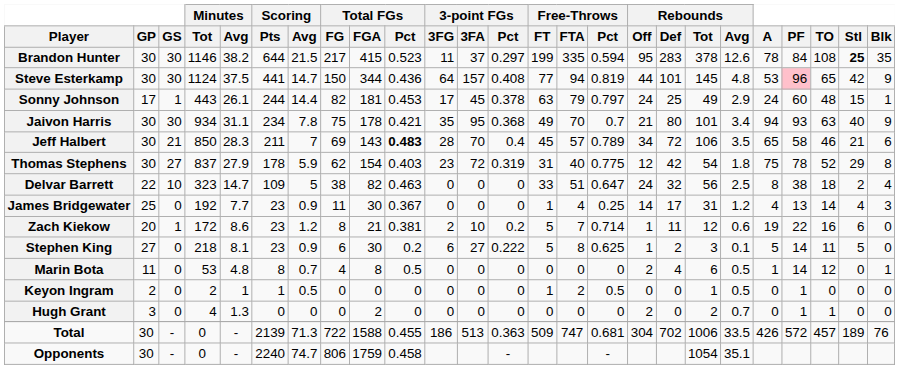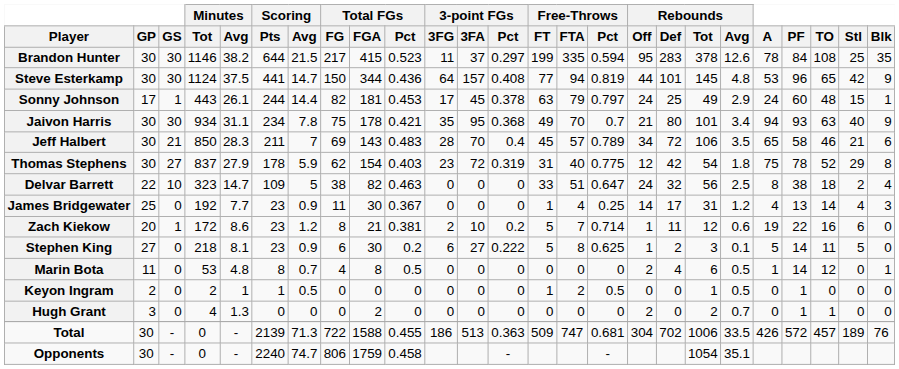 <table class="wikitable sortable" border="1" style="font-size:90%;">
 <tr>
 <th colspan="3" style="border-top-style:hidden; border-left-style:hidden; background: white;"></th>
 <th colspan="2" style=>Minutes</th>
 <th colspan="2" style=>Scoring</th>
 <th colspan="3" style=>Total FGs</th>
 <th colspan="3" style=>3-point FGs</th>
 <th colspan="3" style=>Free-Throws</th>
 <th colspan="4" style=>Rebounds</th>
 <th colspan="5" style="border-top-style:hidden; border-right-style:hidden; background: white;"></th>
 </tr>
 <tr>
 <th scope="col" style=>Player</th>
 <th scope="col" style=>GP</th>
 <th scope="col" style=>GS</th>
 <th scope="col" style=>Tot</th>
 <th scope="col" style=>Avg</th>
 <th scope="col" style=>Pts</th>
 <th scope="col" style=>Avg</th>
 <th scope="col" style=>FG</th>
 <th scope="col" style=>FGA</th>
 <th scope="col" style=>Pct</th>
 <th scope="col" style=>3FG</th>
 <th scope="col" style=>3FA</th>
 <th scope="col" style=>Pct</th>
 <th scope="col" style=>FT</th>
 <th scope="col" style=>FTA</th>
 <th scope="col" style=>Pct</th>
 <th scope="col" style=>Off</th>
 <th scope="col" style=>Def</th>
 <th scope="col" style=>Tot</th>
 <th scope="col" style=>Avg</th>
 <th scope="col" style=>A</th>
 <th scope="col" style=>PF</th>
 <th scope="col" style=>TO</th>
 <th scope="col" style=>Stl</th>
 <th scope="col" style=>Blk</th>
 </tr>
 <tr>
 <th>Brandon Hunter</th>
 <td align="right">30</td>
 <td align="right">30</td>
 <td align="right">1146</td>
 <td align="right">38.2</td>
 <td align="right">644</td>
 <td align="right">21.5</td>
 <td align="right">217</td>
 <td align="right">415</td>
 <td align="right">0.523</td>
 <td align="right">11</td>
 <td align="right">37</td>
 <td align="right">0.297</td>
 <td align="right">199</td>
 <td align="right">335</td>
 <td align="right">0.594</td>
 <td align="right">95</td>
 <td align="right">283</td>
 <td align="right">378</td>
 <td align="right">12.6</td>
 <td align="right">78</td>
 <td align="right">84</td>
 <td align="right">108</td>
-<td align="right"><strong>25</strong></td>
+<td align="right">25</td>
 <td align="right">35</td>
 </tr>
 <tr>
 <th>Steve Esterkamp</th>
 <td align="right">30</td>
 <td align="right">30</td>
 <td align="right">1124</td>
 <td align="right">37.5</td>
 <td align="right">441</td>
 <td align="right">14.7</td>
 <td align="right">150</td>
 <td align="right">344</td>
 <td align="right">0.436</td>
 <td align="right">64</td>
 <td align="right">157</td>
 <td align="right">0.408</td>
 <td align="right">77</td>
 <td align="right">94</td>
 <td align="right">0.819</td>
 <td align="right">44</td>
 <td align="right">101</td>
 <td align="right">145</td>
 <td align="right">4.8</td>
 <td align="right">53</td>
-<td align="right" style="background: pink;">96</td>
+<td align="right">96</td>
 <td align="right">65</td>
 <td align="right">42</td>
 <td align="right">9</td>
 </tr>
 <tr>
 <th>Sonny Johnson</th>
 <td align="right">17</td>
 <td align="right">1</td>
 <td align="right">443</td>
 <td align="right">26.1</td>
 <td align="right">244</td>
 <td align="right">14.4</td>
 <td align="right">82</td>
 <td align="right">181</td>
 <td align="right">0.453</td>
 <td align="right">17</td>
 <td align="right">45</td>
 <td align="right">0.378</td>
 <td align="right">63</td>
 <td align="right">79</td>
 <td align="right">0.797</td>
 <td align="right">24</td>
 <td align="right">25</td>
 <td align="right">49</td>
 <td align="right">2.9</td>
 <td align="right">24</td>
 <td align="right">60</td>
 <td align="right">48</td>
 <td align="right">15</td>
 <td align="right">1</td>
 </tr>
 <tr>
 <th>Jaivon Harris</th>
 <td align="right">30</td>
 <td align="right">30</td>
 <td align="right">934</td>
 <td align="right">31.1</td>
 <td align="right">234</td>
 <td align="right">7.8</td>
 <td align="right">75</td>
 <td align="right">178</td>
 <td align="right">0.421</td>
 <td align="right">35</td>
 <td align="right">95</td>
 <td align="right">0.368</td>
 <td align="right">49</td>
 <td align="right">70</td>
 <td align="right">0.7</td>
 <td align="right">21</td>
 <td align="right">80</td>
 <td align="right">101</td>
 <td align="right">3.4</td>
 <td align="right">94</td>
 <td align="right">93</td>
 <td align="right">63</td>
 <td align="right">40</td>
 <td align="right">9</td>
 </tr>
 <tr>
 <th>Jeff Halbert</th>
 <td align="right">30</td>
 <td align="right">21</td>
 <td align="right">850</td>
 <td align="right">28.3</td>
 <td align="right">211</td>
 <td align="right">7</td>
 <td align="right">69</td>
 <td align="right">143</td>
-<td align="right"><strong>0.483</strong></td>
+<td align="right">0.483</td>
 <td align="right">28</td>
 <td align="right">70</td>
 <td align="right">0.4</td>
 <td align="right">45</td>
 <td align="right">57</td>
 <td align="right">0.789</td>
 <td align="right">34</td>
 <td align="right">72</td>
 <td align="right">106</td>
 <td align="right">3.5</td>
 <td align="right">65</td>
 <td align="right">58</td>
 <td align="right">46</td>
 <td align="right">21</td>
 <td align="right">6</td>
 </tr>
 <tr>
 <th>Thomas Stephens</th>
 <td align="right">30</td>
 <td align="right">27</td>
 <td align="right">837</td>
 <td align="right">27.9</td>
 <td align="right">178</td>
 <td align="right">5.9</td>
 <td align="right">62</td>
 <td align="right">154</td>
 <td align="right">0.403</td>
 <td align="right">23</td>
 <td align="right">72</td>
 <td align="right">0.319</td>
 <td align="right">31</td>
 <td align="right">40</td>
 <td align="right">0.775</td>
 <td align="right">12</td>
 <td align="right">42</td>
 <td align="right">54</td>
 <td align="right">1.8</td>
 <td align="right">75</td>
 <td align="right">78</td>
 <td align="right">52</td>
 <td align="right">29</td>
 <td align="right">8</td>
 </tr>
 <tr>
 <th>Delvar Barrett</th>
 <td align="right">22</td>
 <td align="right">10</td>
 <td align="right">323</td>
 <td align="right">14.7</td>
 <td align="right">109</td>
 <td align="right">5</td>
 <td align="right">38</td>
 <td align="right">82</td>
 <td align="right">0.463</td>
 <td align="right">0</td>
 <td align="right">0</td>
 <td align="right">0</td>
 <td align="right">33</td>
 <td align="right">51</td>
 <td align="right">0.647</td>
 <td align="right">24</td>
 <td align="right">32</td>
 <td align="right">56</td>
 <td align="right">2.5</td>
 <td align="right">8</td>
 <td align="right">38</td>
 <td align="right">18</td>
 <td align="right">2</td>
 <td align="right">4</td>
 </tr>
 <tr>
 <th>James Bridgewater</th>
 <td align="right">25</td>
 <td align="right">0</td>
 <td align="right">192</td>
 <td align="right">7.7</td>
 <td align="right">23</td>
 <td align="right">0.9</td>
 <td align="right">11</td>
 <td align="right">30</td>
 <td align="right">0.367</td>
 <td align="right">0</td>
 <td align="right">0</td>
 <td align="right">0</td>
 <td align="right">1</td>
 <td align="right">4</td>
 <td align="right">0.25</td>
 <td align="right">14</td>
 <td align="right">17</td>
 <td align="right">31</td>
 <td align="right">1.2</td>
 <td align="right">4</td>
 <td align="right">13</td>
 <td align="right">14</td>
 <td align="right">4</td>
 <td align="right">3</td>
 </tr>
 <tr>
 <th>Zach Kiekow</th>
 <td align="right">20</td>
 <td align="right">1</td>
 <td align="right">172</td>
 <td align="right">8.6</td>
 <td align="right">23</td>
 <td align="right">1.2</td>
 <td align="right">8</td>
 <td align="right">21</td>
 <td align="right">0.381</td>
 <td align="right">2</td>
 <td align="right">10</td>
 <td align="right">0.2</td>
 <td align="right">5</td>
 <td align="right">7</td>
 <td align="right">0.714</td>
 <td align="right">1</td>
 <td align="right">11</td>
 <td align="right">12</td>
 <td align="right">0.6</td>
 <td align="right">19</td>
 <td align="right">22</td>
 <td align="right">16</td>
 <td align="right">6</td>
 <td align="right">0</td>
 </tr>
 <tr>
 <th>Stephen King</th>
 <td align="right">27</td>
 <td align="right">0</td>
 <td align="right">218</td>
 <td align="right">8.1</td>
 <td align="right">23</td>
 <td align="right">0.9</td>
 <td align="right">6</td>
 <td align="right">30</td>
 <td align="right">0.2</td>
 <td align="right">6</td>
 <td align="right">27</td>
 <td align="right">0.222</td>
 <td align="right">5</td>
 <td align="right">8</td>
 <td align="right">0.625</td>
 <td align="right">1</td>
 <td align="right">2</td>
 <td align="right">3</td>
 <td align="right">0.1</td>
 <td align="right">5</td>
 <td align="right">14</td>
 <td align="right">11</td>
 <td align="right">5</td>
 <td align="right">0</td>
 </tr>
 <tr>
 <th>Marin Bota</th>
 <td align="right">11</td>
 <td align="right">0</td>
 <td align="right">53</td>
 <td align="right">4.8</td>
 <td align="right">8</td>
 <td align="right">0.7</td>
 <td align="right">4</td>
 <td align="right">8</td>
 <td align="right">0.5</td>
 <td align="right">0</td>
 <td align="right">0</td>
 <td align="right">0</td>
 <td align="right">0</td>
 <td align="right">0</td>
 <td align="right">0</td>
 <td align="right">2</td>
 <td align="right">4</td>
 <td align="right">6</td>
 <td align="right">0.5</td>
 <td align="right">1</td>
 <td align="right">14</td>
 <td align="right">12</td>
 <td align="right">0</td>
 <td align="right">1</td>
 </tr>
 <tr>
 <th>Keyon Ingram</th>
 <td align="right">2</td>
 <td align="right">0</td>
 <td align="right">2</td>
 <td align="right">1</td>
 <td align="right">1</td>
 <td align="right">0.5</td>
 <td align="right">0</td>
 <td align="right">0</td>
 <td align="right">0</td>
 <td align="right">0</td>
 <td align="right">0</td>
 <td align="right">0</td>
 <td align="right">1</td>
 <td align="right">2</td>
 <td align="right">0.5</td>
 <td align="right">0</td>
 <td align="right">0</td>
 <td align="right">1</td>
 <td align="right">0.5</td>
 <td align="right">0</td>
 <td align="right">1</td>
 <td align="right">0</td>
 <td align="right">0</td>
 <td align="right">0</td>
 </tr>
 <tr>
 <th>Hugh Grant</th>
 <td align="right">3</td>
 <td align="right">0</td>
 <td align="right">4</td>
 <td align="right">1.3</td>
 <td align="right">0</td>
 <td align="right">0</td>
 <td align="right">0</td>
 <td align="right">2</td>
 <td align="right">0</td>
 <td align="right">0</td>
 <td align="right">0</td>
 <td align="right">0</td>
 <td align="right">0</td>
 <td align="right">0</td>
 <td align="right">0</td>
 <td align="right">2</td>
 <td align="right">0</td>
 <td align="right">2</td>
 <td align="right">0.7</td>
 <td align="right">0</td>
 <td align="right">1</td>
 <td align="right">1</td>
 <td align="right">0</td>
 <td align="right">0</td>
 </tr>
 <tr>
 </tr>
 <tr class="sortbottom">
 <td align="center" style=><strong>Total</strong></td>
 <td align="center" style=>30</td>
 <td align="center" style=>-</td>
 <td align="center" style=>0</td>
 <td align="center" style=>-</td>
 <td align="center" style=>2139</td>
 <td align="center" style=>71.3</td>
 <td align="center" style=>722</td>
 <td align="center" style=>1588</td>
 <td align="center" style=>0.455</td>
 <td align="center" style=>186</td>
 <td align="center" style=>513</td>
 <td align="center" style=>0.363</td>
 <td align="center" style=>509</td>
 <td align="center" style=>747</td>
 <td align="center" style=>0.681</td>
 <td align="center" style=>304</td>
 <td align="center" style=>702</td>
 <td align="center" style=>1006</td>
 <td align="center" style=>33.5</td>
 <td align="center" style=>426</td>
 <td align="center" style=>572</td>
 <td align="center" style=>457</td>
 <td align="center" style=>189</td>
 <td align="center" style=>76</td>
 </tr>
 <tr class="sortbottom">
 <td align="center"><strong>Opponents</strong></td>
 <td align="center">30</td>
 <td align="center">-</td>
 <td align="center">0</td>
 <td align="center">-</td>
 <td align="center">2240</td>
 <td align="center">74.7</td>
 <td align="center">806</td>
 <td align="center">1759</td>
 <td align="center">0.458</td>
 <td align="center"></td>
 <td align="center"></td>
 <td align="center">-</td>
 <td align="center"></td>
 <td align="center"></td>
 <td align="center">-</td>
 <td align="center"></td>
 <td align="center"></td>
 <td align="center">1054</td>
 <td align="center">35.1</td>
 <td align="center"></td>
 <td align="center"></td>
 <td align="center"></td>
 <td align="center"></td>
 <td align="center"></td>
 </tr>
 </table>
